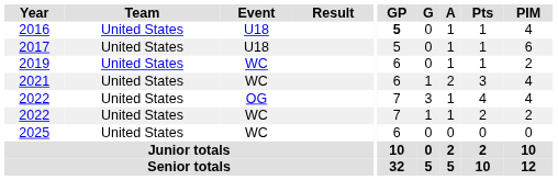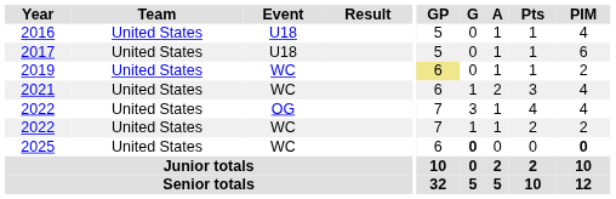 <table border="0" cellpadding="1" cellspacing="0" ID="Table3" style="text-align:center; width:40em">
 <tr ALIGN="center" bgcolor="#e0e0e0">
 <th>Year</th>
 <th>Team</th>
 <th>Event</th>
 <th>Result</th>
 <th rowspan="99" bgcolor="#ffffff"></th>
 <th>GP</th>
 <th>G</th>
 <th>A</th>
 <th>Pts</th>
 <th>PIM</th>
 </tr>
 <tr>
 <td><a href='#'>2016</a></td>
 <td><a href='#'>United States</a></td>
 <td><a href='#'>U18</a></td>
 <td></td>
-<td><strong>5</strong></td>
+<td>5</td>
 <td>0</td>
 <td>1</td>
 <td>1</td>
 <td>4</td>
 </tr>
 <tr bgcolor="#f0f0f0">
 <td><a href='#'>2017</a></td>
 <td>United States</td>
 <td>U18</td>
 <td></td>
 <td>5</td>
 <td>0</td>
 <td>1</td>
 <td>1</td>
 <td>6</td>
 </tr>
 <tr>
 <td><a href='#'>2019</a></td>
 <td><a href='#'>United States</a></td>
 <td><a href='#'>WC</a></td>
 <td></td>
-<td>6</td>
+<td style="background: khaki;">6</td>
 <td>0</td>
 <td>1</td>
 <td>1</td>
 <td>2</td>
 </tr>
 <tr bgcolor="#f0f0f0">
 <td><a href='#'>2021</a></td>
 <td>United States</td>
 <td>WC</td>
 <td></td>
 <td>6</td>
 <td>1</td>
 <td>2</td>
 <td>3</td>
 <td>4</td>
 </tr>
 <tr>
 <td><a href='#'>2022</a></td>
 <td>United States</td>
 <td><a href='#'>OG</a></td>
 <td></td>
 <td>7</td>
 <td>3</td>
 <td>1</td>
 <td>4</td>
 <td>4</td>
 </tr>
 <tr bgcolor="#f0f0f0">
 <td><a href='#'>2022</a></td>
 <td>United States</td>
 <td>WC</td>
 <td></td>
 <td>7</td>
 <td>1</td>
 <td>1</td>
 <td>2</td>
 <td>2</td>
 </tr>
 <tr>
 <td><a href='#'>2025</a></td>
 <td>United States</td>
 <td>WC</td>
 <td></td>
 <td>6</td>
+<td><strong>0</strong></td>
 <td>0</td>
 <td>0</td>
-<td>0</td>
-<td>0</td>
+<td><strong>0</strong></td>
 </tr>
 <tr bgcolor="#e0e0e0">
 <th colspan="4">Junior totals</th>
 <th>10</th>
 <th>0</th>
 <th>2</th>
 <th>2</th>
 <th>10</th>
 </tr>
 <tr bgcolor="#e0e0e0">
 <th colspan="4">Senior totals</th>
 <th>32</th>
 <th>5</th>
 <th>5</th>
 <th>10</th>
 <th>12</th>
 </tr>
 </table>
